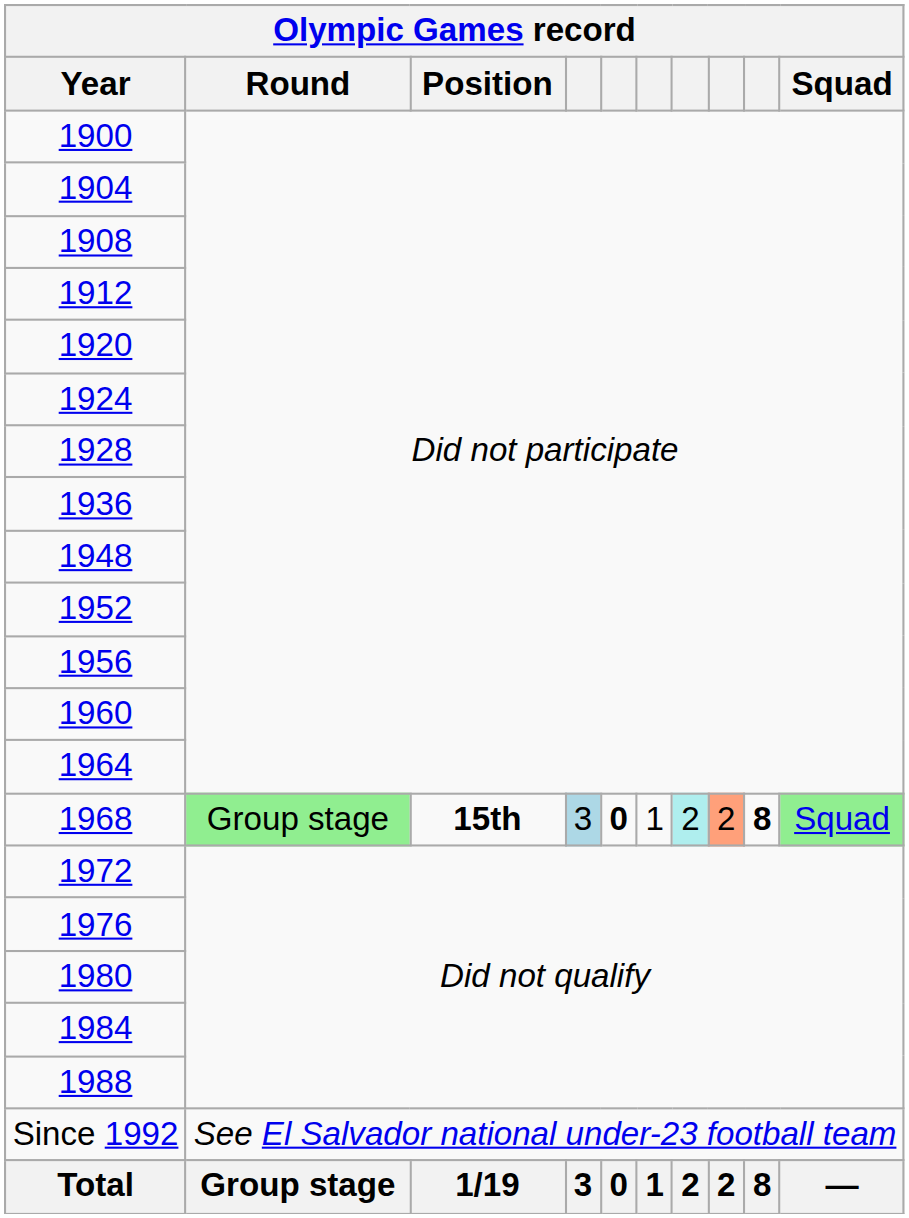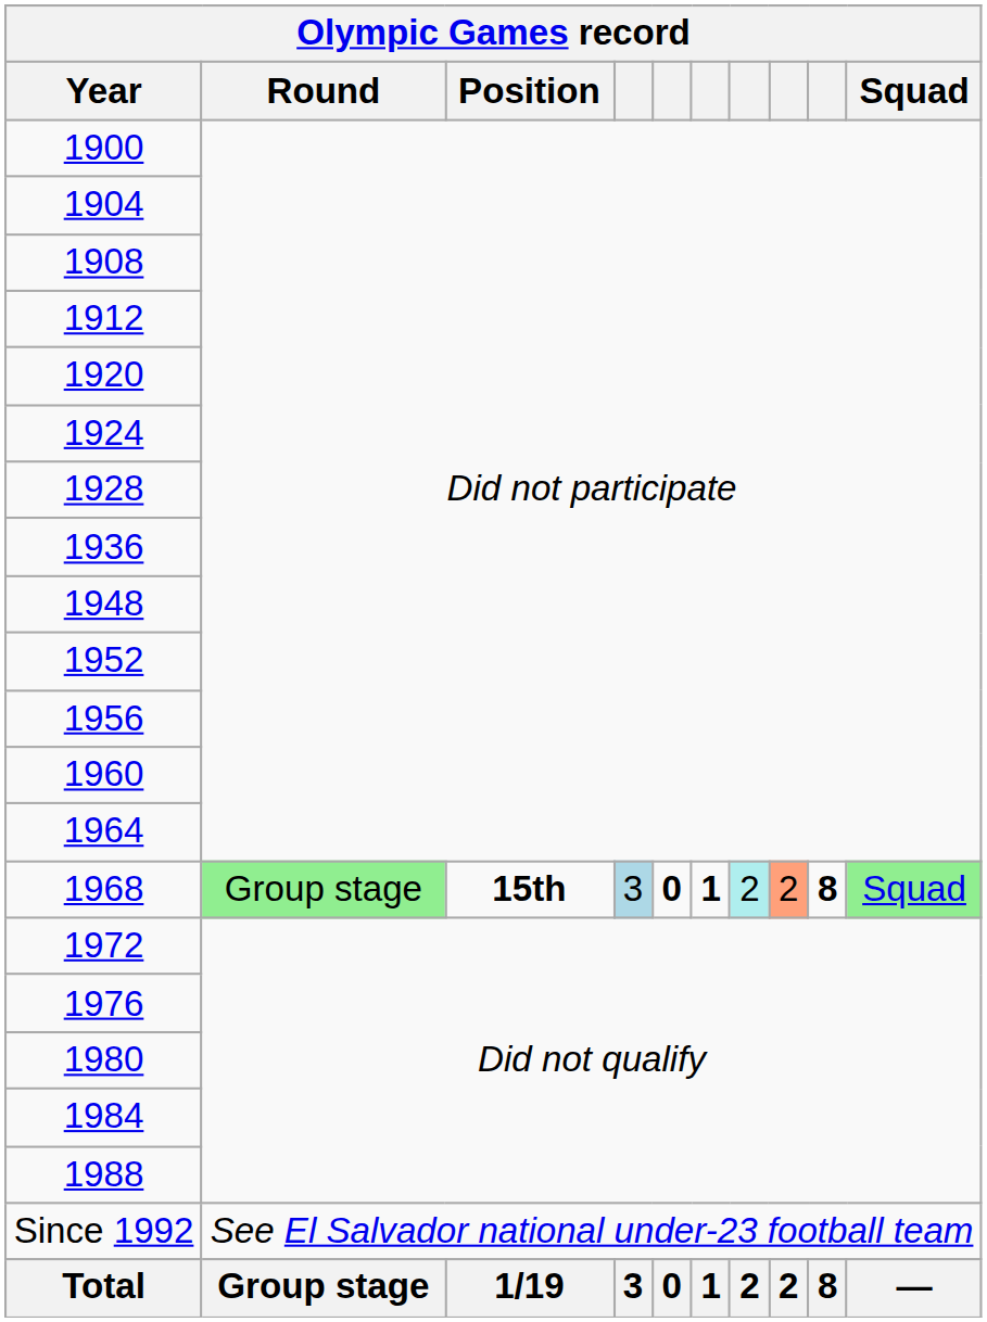 <table class="wikitable" style="text-align: center;">
 <tr>
 <th colspan=10><a href='#'>Olympic Games</a> record</th>
 </tr>
 <tr>
 <th>Year</th>
 <th>Round</th>
 <th>Position</th>
 <th></th>
 <th></th>
 <th></th>
 <th></th>
 <th></th>
 <th></th>
 <th>Squad</th>
 </tr>
 <tr>
 <td> <a href='#'>1900</a></td>
 <td colspan=9 rowspan=13><em>Did not participate</em></td>
 </tr>
 <tr>
 <td> <a href='#'>1904</a></td>
 </tr>
 <tr>
 <td> <a href='#'>1908</a></td>
 </tr>
 <tr>
 <td> <a href='#'>1912</a></td>
 </tr>
 <tr>
 <td> <a href='#'>1920</a></td>
 </tr>
 <tr>
 <td> <a href='#'>1924</a></td>
 </tr>
 <tr>
 <td> <a href='#'>1928</a></td>
 </tr>
 <tr>
 <td> <a href='#'>1936</a></td>
 </tr>
 <tr>
 <td> <a href='#'>1948</a></td>
 </tr>
 <tr>
 <td> <a href='#'>1952</a></td>
 </tr>
 <tr>
 <td> <a href='#'>1956</a></td>
 </tr>
 <tr>
 <td> <a href='#'>1960</a></td>
 </tr>
 <tr>
 <td> <a href='#'>1964</a></td>
 </tr>
 <tr>
 <td> <a href='#'>1968</a></td>
 <td style="background: lightgreen;">Group stage</td>
 <td><strong>15th</strong></td>
 <td style="background: lightblue;">3</td>
 <td><strong>0</strong></td>
-<td>1</td>
+<td><strong>1</strong></td>
 <td style="background: paleturquoise;">2</td>
 <td style="background: lightsalmon;">2</td>
 <td><strong>8</strong></td>
 <td style="background: lightgreen;"><a href='#'>Squad</a></td>
 </tr>
 <tr>
 <td> <a href='#'>1972</a></td>
 <td colspan=9 rowspan=5><em>Did not qualify</em></td>
 </tr>
 <tr>
 <td> <a href='#'>1976</a></td>
 </tr>
 <tr>
 <td> <a href='#'>1980</a></td>
 </tr>
 <tr>
 <td> <a href='#'>1984</a></td>
 </tr>
 <tr>
 <td> <a href='#'>1988</a></td>
 </tr>
 <tr>
 <td>Since <a href='#'>1992</a></td>
 <td colspan=9><em>See <a href='#'>El Salvador national under-23 football team</a></em></td>
 </tr>
 <tr>
 <th>Total</th>
 <th>Group stage</th>
 <th>1/19</th>
 <th>3</th>
 <th>0</th>
 <th>1</th>
 <th>2</th>
 <th>2</th>
 <th>8</th>
 <th>—</th>
 </tr>
 </table>
